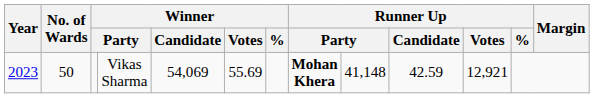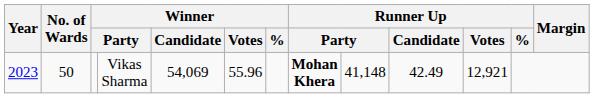 <table class="wikitable sortable" style="text-align:center;">
 <tr>
 <th rowspan="2">Year</th>
 <th rowspan="2">No. of Wards</th>
 <th colspan="5">Winner</th>
 <th colspan="5">Runner Up</th>
 <th rowspan="2">Margin</th>
 </tr>
 <tr>
 <th colspan="2">Party</th>
 <th>Candidate</th>
 <th>Votes</th>
 <th>%</th>
 <th colspan="2">Party</th>
 <th>Candidate</th>
 <th>Votes</th>
 <th>%</th>
 </tr>
 <tr>
 <td><a href='#'>2023</a></td>
 <td>50</td>
 <td></td>
 <td>Vikas Sharma</td>
 <td>54,069</td>
-<td>55.69</td>
+<td>55.96</td>
 <td></td>
 <td><strong>Mohan Khera</strong></td>
 <td>41,148</td>
-<td>42.59</td>
+<td>42.49</td>
 <td style="background:">12,921</td>
 </tr>
 </table>
